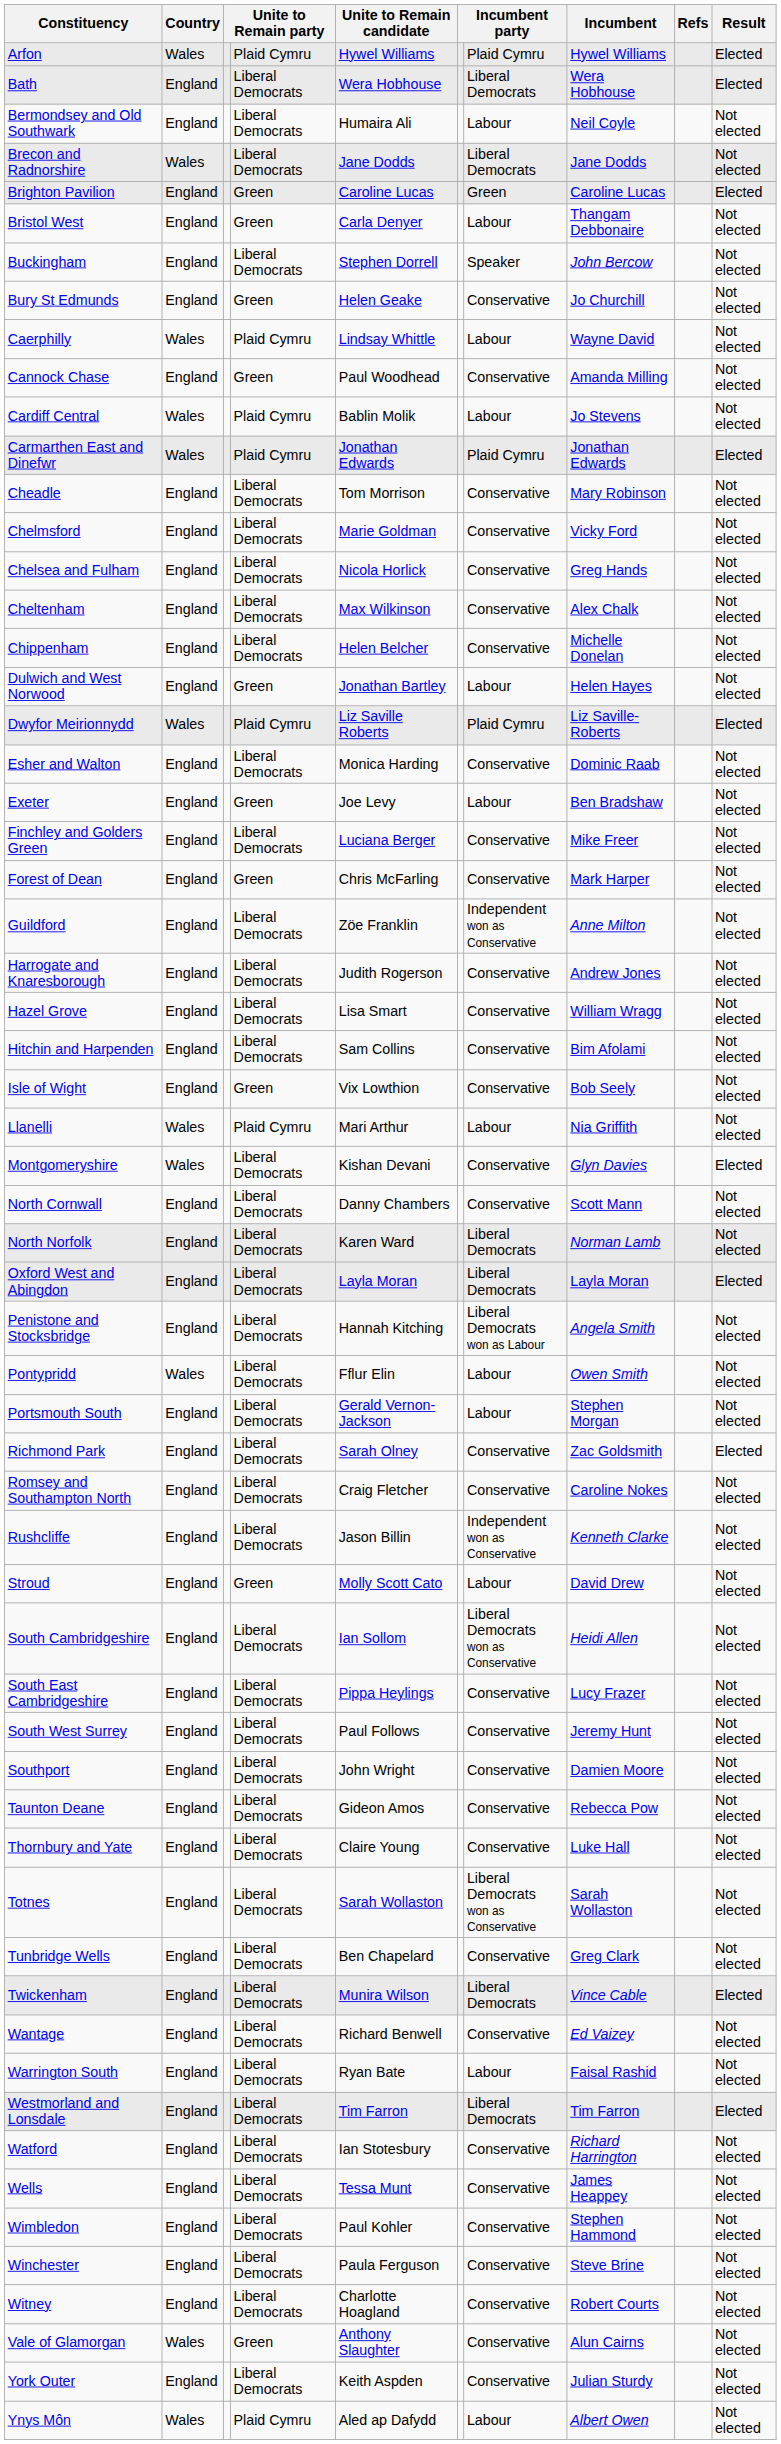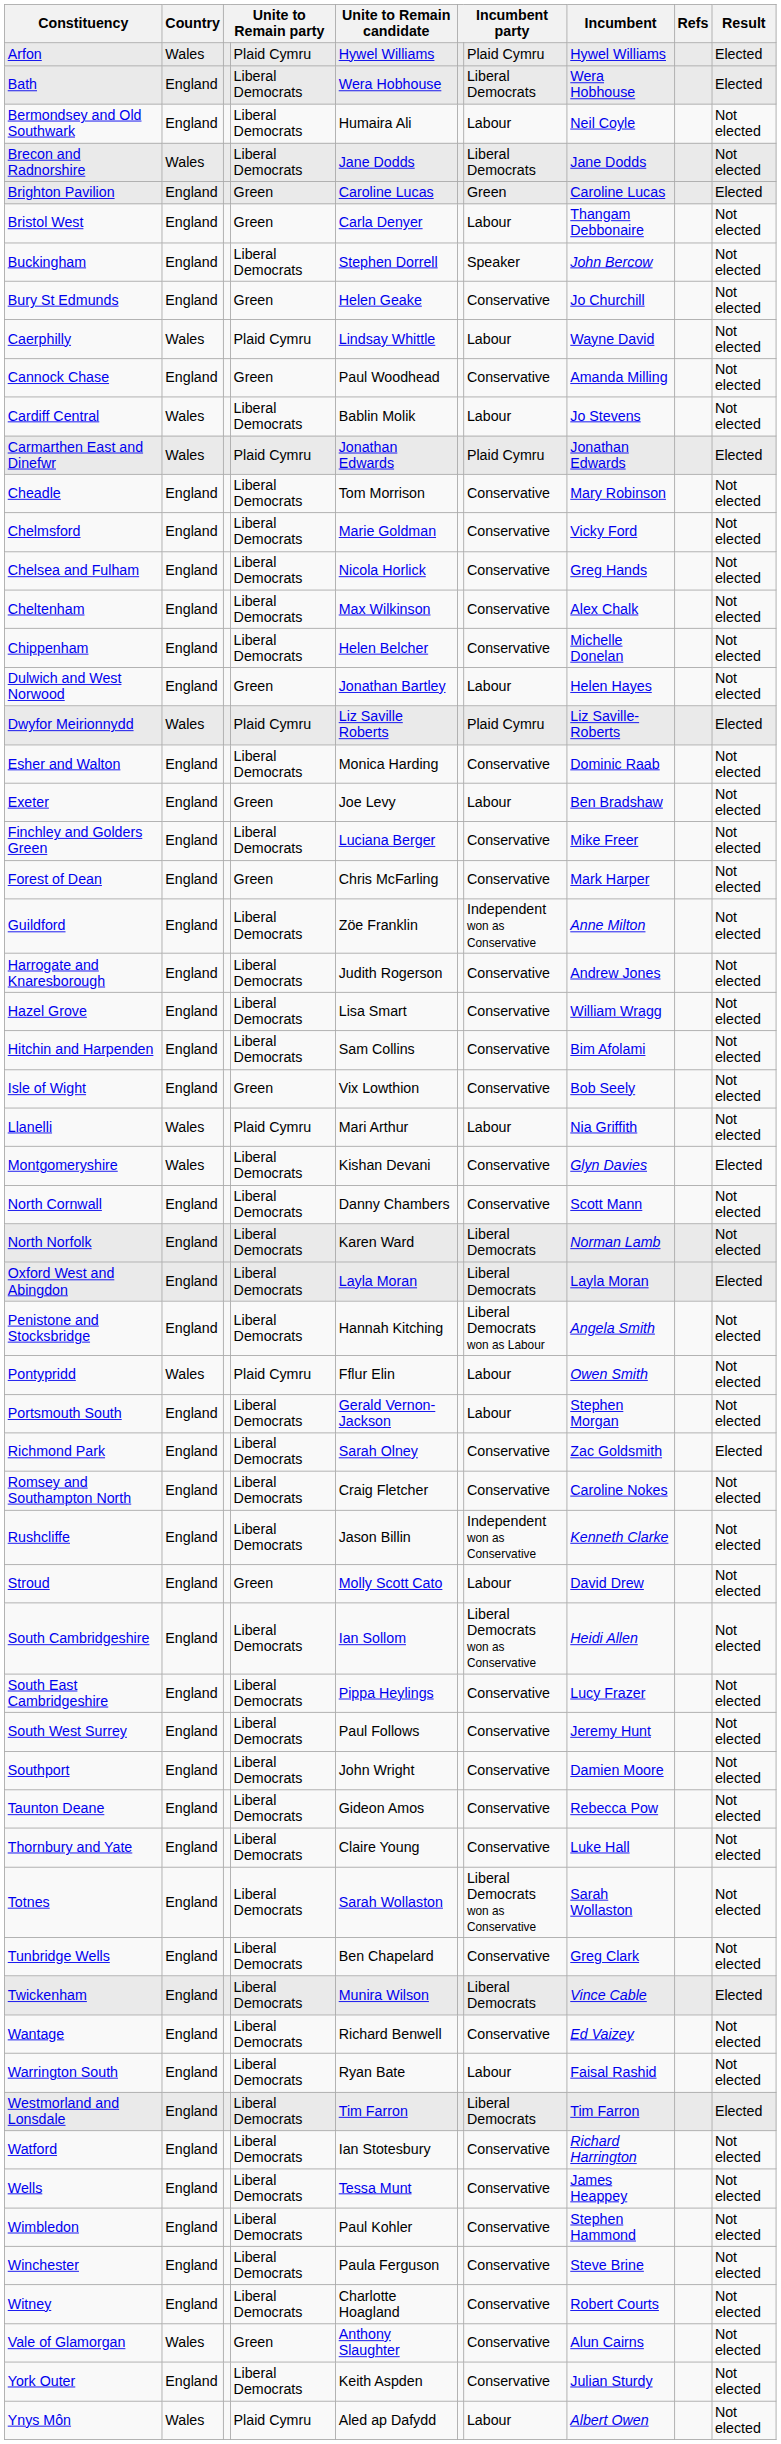 <table class="wikitable sortable">
 <tr>
 <th>Constituency</th>
 <th>Country</th>
 <th colspan="2">Unite to Remain party</th>
 <th>Unite to Remain candidate</th>
 <th colspan="2">Incumbent party</th>
 <th>Incumbent</th>
 <th>Refs</th>
 <th>Result</th>
 </tr>
 <tr style="background:#eaeaea;" |>
 <td><a href='#'>Arfon</a></td>
 <td>Wales</td>
 <td style="background-color: "></td>
 <td>Plaid Cymru</td>
 <td><a href='#'>Hywel Williams</a></td>
 <td style="background-color: "></td>
 <td>Plaid Cymru</td>
 <td><a href='#'>Hywel Williams</a></td>
 <td></td>
 <td>Elected</td>
 </tr>
 <tr style="background:#eaeaea;" |>
 <td><a href='#'>Bath</a></td>
 <td>England</td>
 <td style="background-color: "></td>
 <td>Liberal Democrats</td>
 <td><a href='#'>Wera Hobhouse</a></td>
 <td style="background-color: "></td>
 <td>Liberal Democrats</td>
 <td><a href='#'>Wera Hobhouse</a></td>
 <td></td>
 <td>Elected</td>
 </tr>
 <tr>
 <td><a href='#'>Bermondsey and Old Southwark</a></td>
 <td>England</td>
 <td style="background-color: "></td>
 <td>Liberal Democrats</td>
 <td>Humaira Ali</td>
 <td style="background-color: "></td>
 <td>Labour</td>
 <td><a href='#'>Neil Coyle</a></td>
 <td></td>
 <td>Not elected</td>
 </tr>
 <tr style="background:#eaeaea;" |>
 <td><a href='#'>Brecon and Radnorshire</a></td>
 <td>Wales</td>
 <td style="background-color: "></td>
 <td>Liberal Democrats</td>
 <td><a href='#'>Jane Dodds</a></td>
 <td style="background-color: "></td>
 <td>Liberal Democrats</td>
 <td><a href='#'>Jane Dodds</a></td>
 <td></td>
 <td>Not elected</td>
 </tr>
 <tr style="background:#eaeaea;" |>
 <td><a href='#'>Brighton Pavilion</a></td>
 <td>England</td>
 <td style="background-color: "></td>
 <td>Green</td>
 <td><a href='#'>Caroline Lucas</a></td>
 <td style="background-color: "></td>
 <td>Green</td>
 <td><a href='#'>Caroline Lucas</a></td>
 <td></td>
 <td>Elected</td>
 </tr>
 <tr>
 <td><a href='#'>Bristol West</a></td>
 <td>England</td>
 <td style="background-color: "></td>
 <td>Green</td>
 <td><a href='#'>Carla Denyer</a></td>
 <td style="background-color: "></td>
 <td>Labour</td>
 <td><a href='#'>Thangam Debbonaire</a></td>
 <td></td>
 <td>Not elected</td>
 </tr>
 <tr>
 <td><a href='#'>Buckingham</a></td>
 <td>England</td>
 <td style="background-color: "></td>
 <td>Liberal Democrats</td>
 <td><a href='#'>Stephen Dorrell</a></td>
 <td></td>
 <td>Speaker</td>
 <td><em><a href='#'>John Bercow</a></em></td>
 <td></td>
 <td>Not elected</td>
 </tr>
 <tr>
 <td><a href='#'>Bury St Edmunds</a></td>
 <td>England</td>
 <td style="background-color: "></td>
 <td>Green</td>
 <td><a href='#'>Helen Geake</a></td>
 <td style="background-color: "></td>
 <td>Conservative</td>
 <td><a href='#'>Jo Churchill</a></td>
 <td></td>
 <td>Not elected</td>
 </tr>
 <tr>
 <td><a href='#'>Caerphilly</a></td>
 <td>Wales</td>
 <td style="background-color: "></td>
 <td>Plaid Cymru</td>
 <td><a href='#'>Lindsay Whittle</a></td>
 <td style="background-color: "></td>
 <td>Labour</td>
 <td><a href='#'>Wayne David</a></td>
 <td></td>
 <td>Not elected</td>
 </tr>
 <tr>
 <td><a href='#'>Cannock Chase</a></td>
 <td>England</td>
 <td style="background-color: "></td>
 <td>Green</td>
 <td>Paul Woodhead</td>
 <td style="background-color: "></td>
 <td>Conservative</td>
 <td><a href='#'>Amanda Milling</a></td>
 <td></td>
 <td>Not elected</td>
 </tr>
 <tr>
 <td><a href='#'>Cardiff Central</a></td>
 <td>Wales</td>
 <td style="background-color: "></td>
-<td>Plaid Cymru</td>
+<td>Liberal Democrats</td>
 <td>Bablin Molik</td>
 <td style="background-color: "></td>
 <td>Labour</td>
 <td><a href='#'>Jo Stevens</a></td>
 <td></td>
 <td>Not elected</td>
 </tr>
 <tr style="background:#eaeaea;" |>
 <td><a href='#'>Carmarthen East and Dinefwr</a></td>
 <td>Wales</td>
 <td style="background-color: "></td>
 <td>Plaid Cymru</td>
 <td><a href='#'>Jonathan Edwards</a></td>
 <td style="background-color: "></td>
 <td>Plaid Cymru</td>
 <td><a href='#'>Jonathan Edwards</a></td>
 <td></td>
 <td>Elected</td>
 </tr>
 <tr>
 <td><a href='#'>Cheadle</a></td>
 <td>England</td>
 <td style="background-color: "></td>
 <td>Liberal Democrats</td>
 <td>Tom Morrison</td>
 <td style="background-color: "></td>
 <td>Conservative</td>
 <td><a href='#'>Mary Robinson</a></td>
 <td></td>
 <td>Not elected</td>
 </tr>
 <tr>
 <td><a href='#'>Chelmsford</a></td>
 <td>England</td>
 <td style="background-color: "></td>
 <td>Liberal Democrats</td>
 <td><a href='#'>Marie Goldman</a></td>
 <td style="background-color: "></td>
 <td>Conservative</td>
 <td><a href='#'>Vicky Ford</a></td>
 <td></td>
 <td>Not elected</td>
 </tr>
 <tr>
 <td><a href='#'>Chelsea and Fulham</a></td>
 <td>England</td>
 <td style="background-color: "></td>
 <td>Liberal Democrats</td>
 <td><a href='#'>Nicola Horlick</a></td>
 <td style="background-color: "></td>
 <td>Conservative</td>
 <td><a href='#'>Greg Hands</a></td>
 <td></td>
 <td>Not elected</td>
 </tr>
 <tr>
 <td><a href='#'>Cheltenham</a></td>
 <td>England</td>
 <td style="background-color: "></td>
 <td>Liberal Democrats</td>
 <td><a href='#'>Max Wilkinson</a></td>
 <td style="background-color: "></td>
 <td>Conservative</td>
 <td><a href='#'>Alex Chalk</a></td>
 <td></td>
 <td>Not elected</td>
 </tr>
 <tr>
 <td><a href='#'>Chippenham</a></td>
 <td>England</td>
 <td style="background-color: "></td>
 <td>Liberal Democrats</td>
 <td><a href='#'>Helen Belcher</a></td>
 <td style="background-color: "></td>
 <td>Conservative</td>
 <td><a href='#'>Michelle Donelan</a></td>
 <td></td>
 <td>Not elected</td>
 </tr>
 <tr>
 <td><a href='#'>Dulwich and West Norwood</a></td>
 <td>England</td>
 <td style="background-color: "></td>
 <td>Green</td>
 <td><a href='#'>Jonathan Bartley</a></td>
 <td style="background-color: "></td>
 <td>Labour</td>
 <td><a href='#'>Helen Hayes</a></td>
 <td></td>
 <td>Not elected</td>
 </tr>
 <tr style="background:#eaeaea;" |>
 <td><a href='#'>Dwyfor Meirionnydd</a></td>
 <td>Wales</td>
 <td style="background-color: "></td>
 <td>Plaid Cymru</td>
 <td><a href='#'>Liz Saville Roberts</a></td>
 <td style="background-color: "></td>
 <td>Plaid Cymru</td>
 <td><a href='#'>Liz Saville-Roberts</a></td>
 <td></td>
 <td>Elected</td>
 </tr>
 <tr>
 <td><a href='#'>Esher and Walton</a></td>
 <td>England</td>
 <td style="background-color: "></td>
 <td>Liberal Democrats</td>
 <td>Monica Harding</td>
 <td style="background-color: "></td>
 <td>Conservative</td>
 <td><a href='#'>Dominic Raab</a></td>
 <td></td>
 <td>Not elected</td>
 </tr>
 <tr>
 <td><a href='#'>Exeter</a></td>
 <td>England</td>
 <td style="background-color: "></td>
 <td>Green</td>
 <td>Joe Levy</td>
 <td style="background-color: "></td>
 <td>Labour</td>
 <td><a href='#'>Ben Bradshaw</a></td>
 <td></td>
 <td>Not elected</td>
 </tr>
 <tr>
 <td><a href='#'>Finchley and Golders Green</a></td>
 <td>England</td>
 <td style="background-color: "></td>
 <td>Liberal Democrats</td>
 <td><a href='#'>Luciana Berger</a></td>
 <td style="background-color: "></td>
 <td>Conservative</td>
 <td><a href='#'>Mike Freer</a></td>
 <td></td>
 <td>Not elected</td>
 </tr>
 <tr>
 <td><a href='#'>Forest of Dean</a></td>
 <td>England</td>
 <td style="background-color: "></td>
 <td>Green</td>
 <td>Chris McFarling</td>
 <td style="background-color: "></td>
 <td>Conservative</td>
 <td><a href='#'>Mark Harper</a></td>
 <td></td>
 <td>Not elected</td>
 </tr>
 <tr>
 <td><a href='#'>Guildford</a></td>
 <td>England</td>
 <td style="background-color: "></td>
 <td>Liberal Democrats</td>
 <td>Zöe Franklin</td>
 <td style="background-color: "></td>
 <td>Independent <br><small>won as Conservative</small></td>
 <td><em><a href='#'>Anne Milton</a></em></td>
 <td></td>
 <td>Not elected</td>
 </tr>
 <tr>
 <td><a href='#'>Harrogate and Knaresborough</a></td>
 <td>England</td>
 <td style="background-color: "></td>
 <td>Liberal Democrats</td>
 <td>Judith Rogerson</td>
 <td style="background-color: "></td>
 <td>Conservative</td>
 <td><a href='#'>Andrew Jones</a></td>
 <td></td>
 <td>Not elected</td>
 </tr>
 <tr>
 <td><a href='#'>Hazel Grove</a></td>
 <td>England</td>
 <td style="background-color: "></td>
 <td>Liberal Democrats</td>
 <td>Lisa Smart</td>
 <td style="background-color: "></td>
 <td>Conservative</td>
 <td><a href='#'>William Wragg</a></td>
 <td></td>
 <td>Not elected</td>
 </tr>
 <tr>
 <td><a href='#'>Hitchin and Harpenden</a></td>
 <td>England</td>
 <td style="background-color: "></td>
 <td>Liberal Democrats</td>
 <td>Sam Collins</td>
 <td style="background-color: "></td>
 <td>Conservative</td>
 <td><a href='#'>Bim Afolami</a></td>
 <td></td>
 <td>Not elected</td>
 </tr>
 <tr>
 <td><a href='#'>Isle of Wight</a></td>
 <td>England</td>
 <td style="background-color: "></td>
 <td>Green</td>
 <td>Vix Lowthion</td>
 <td style="background-color: "></td>
 <td>Conservative</td>
 <td><a href='#'>Bob Seely</a></td>
 <td></td>
 <td>Not elected</td>
 </tr>
 <tr>
 <td><a href='#'>Llanelli</a></td>
 <td>Wales</td>
 <td style="background-color: "></td>
 <td>Plaid Cymru</td>
 <td>Mari Arthur</td>
 <td style="background-color: "></td>
 <td>Labour</td>
 <td><a href='#'>Nia Griffith</a></td>
 <td></td>
 <td>Not elected</td>
 </tr>
 <tr>
 <td><a href='#'>Montgomeryshire</a></td>
 <td>Wales</td>
 <td style="background-color: "></td>
 <td>Liberal Democrats</td>
 <td>Kishan Devani</td>
 <td style="background-color: "></td>
 <td>Conservative</td>
 <td><a href='#'><em>Glyn Davies</em></a></td>
 <td></td>
 <td>Elected</td>
 </tr>
 <tr>
 <td><a href='#'>North Cornwall</a></td>
 <td>England</td>
 <td style="background-color: "></td>
 <td>Liberal Democrats</td>
 <td>Danny Chambers</td>
 <td style="background-color: "></td>
 <td>Conservative</td>
 <td><a href='#'>Scott Mann</a></td>
 <td></td>
 <td>Not elected</td>
 </tr>
 <tr style="background:#eaeaea;" |>
 <td><a href='#'>North Norfolk</a></td>
 <td>England</td>
 <td style="background-color: "></td>
 <td>Liberal Democrats</td>
 <td>Karen Ward</td>
 <td style="background-color: "></td>
 <td>Liberal Democrats</td>
 <td><em><a href='#'>Norman Lamb</a></em></td>
 <td></td>
 <td>Not elected</td>
 </tr>
 <tr style="background:#eaeaea;" |>
 <td><a href='#'>Oxford West and Abingdon</a></td>
 <td>England</td>
 <td style="background-color: "></td>
 <td>Liberal Democrats</td>
 <td><a href='#'>Layla Moran</a></td>
 <td style="background-color: "></td>
 <td>Liberal Democrats</td>
 <td><a href='#'>Layla Moran</a></td>
 <td></td>
 <td>Elected</td>
 </tr>
 <tr>
 <td><a href='#'>Penistone and Stocksbridge</a></td>
 <td>England</td>
 <td style="background-color: "></td>
 <td>Liberal Democrats</td>
 <td>Hannah Kitching</td>
 <td style="background-color: "></td>
 <td>Liberal Democrats<br><small>won as Labour</small></td>
 <td><a href='#'><em>Angela Smith</em></a></td>
 <td></td>
 <td>Not elected</td>
 </tr>
 <tr>
 <td><a href='#'>Pontypridd</a></td>
 <td>Wales</td>
 <td style="background-color: "></td>
-<td>Liberal Democrats</td>
+<td>Plaid Cymru</td>
 <td>Fflur Elin</td>
 <td style="background-color: "></td>
 <td>Labour</td>
 <td><em><a href='#'>Owen Smith</a></em></td>
 <td></td>
 <td>Not elected</td>
 </tr>
 <tr>
 <td><a href='#'>Portsmouth South</a></td>
 <td>England</td>
 <td style="background-color: "></td>
 <td>Liberal Democrats</td>
 <td><a href='#'>Gerald Vernon-Jackson</a></td>
 <td style="background-color: "></td>
 <td>Labour</td>
 <td><a href='#'>Stephen Morgan</a></td>
 <td></td>
 <td>Not elected</td>
 </tr>
 <tr>
 <td><a href='#'>Richmond Park</a></td>
 <td>England</td>
 <td style="background-color: "></td>
 <td>Liberal Democrats</td>
 <td><a href='#'>Sarah Olney</a></td>
 <td style="background-color: "></td>
 <td>Conservative</td>
 <td><a href='#'>Zac Goldsmith</a></td>
 <td></td>
 <td>Elected</td>
 </tr>
 <tr>
 <td><a href='#'>Romsey and Southampton North</a></td>
 <td>England</td>
 <td style="background-color: "></td>
 <td>Liberal Democrats</td>
 <td>Craig Fletcher</td>
 <td style="background-color: "></td>
 <td>Conservative</td>
 <td><a href='#'>Caroline Nokes</a></td>
 <td></td>
 <td>Not elected</td>
 </tr>
 <tr>
 <td><a href='#'>Rushcliffe</a></td>
 <td>England</td>
 <td style="background-color: "></td>
 <td>Liberal Democrats</td>
 <td>Jason Billin</td>
 <td style="background-color: "></td>
 <td>Independent<br><small>won as Conservative</small></td>
 <td><em><a href='#'>Kenneth Clarke</a></em></td>
 <td></td>
 <td>Not elected</td>
 </tr>
 <tr>
 <td><a href='#'>Stroud</a></td>
 <td>England</td>
 <td style="background-color: "></td>
 <td>Green</td>
 <td><a href='#'>Molly Scott Cato</a></td>
 <td style="background-color: "></td>
 <td>Labour</td>
 <td><a href='#'>David Drew</a></td>
 <td></td>
 <td>Not elected</td>
 </tr>
 <tr>
 <td><a href='#'>South Cambridgeshire</a></td>
 <td>England</td>
 <td style="background-color: "></td>
 <td>Liberal Democrats</td>
 <td><a href='#'>Ian Sollom</a></td>
 <td style="background-color: "></td>
 <td>Liberal Democrats<br><small>won as Conservative</small></td>
 <td><em><a href='#'>Heidi Allen</a></em></td>
 <td></td>
 <td>Not elected</td>
 </tr>
 <tr>
 <td><a href='#'>South East Cambridgeshire</a></td>
 <td>England</td>
 <td style="background-color: "></td>
 <td>Liberal Democrats</td>
 <td><a href='#'>Pippa Heylings</a></td>
 <td style="background-color: "></td>
 <td>Conservative</td>
 <td><a href='#'>Lucy Frazer</a></td>
 <td></td>
 <td>Not elected</td>
 </tr>
 <tr>
 <td><a href='#'>South West Surrey</a></td>
 <td>England</td>
 <td style="background-color: "></td>
 <td>Liberal Democrats</td>
 <td>Paul Follows</td>
 <td style="background-color: "></td>
 <td>Conservative</td>
 <td><a href='#'>Jeremy Hunt</a></td>
 <td></td>
 <td>Not elected</td>
 </tr>
 <tr>
 <td><a href='#'>Southport</a></td>
 <td>England</td>
 <td style="background-color: "></td>
 <td>Liberal Democrats</td>
 <td>John Wright</td>
 <td style="background-color: "></td>
 <td>Conservative</td>
 <td><a href='#'>Damien Moore</a></td>
 <td></td>
 <td>Not elected</td>
 </tr>
 <tr>
 <td><a href='#'>Taunton Deane</a></td>
 <td>England</td>
 <td style="background-color: "></td>
 <td>Liberal Democrats</td>
 <td>Gideon Amos</td>
 <td style="background-color: "></td>
 <td>Conservative</td>
 <td><a href='#'>Rebecca Pow</a></td>
 <td></td>
 <td>Not elected</td>
 </tr>
 <tr>
 <td><a href='#'>Thornbury and Yate</a></td>
 <td>England</td>
 <td style="background-color: "></td>
 <td>Liberal Democrats</td>
 <td>Claire Young</td>
 <td style="background-color: "></td>
 <td>Conservative</td>
 <td><a href='#'>Luke Hall</a></td>
 <td></td>
 <td>Not elected</td>
 </tr>
 <tr>
 <td><a href='#'>Totnes</a></td>
 <td>England</td>
 <td style="background-color: "></td>
 <td>Liberal Democrats</td>
 <td><a href='#'>Sarah Wollaston</a></td>
 <td style="background-color: "></td>
 <td>Liberal Democrats<br><small>won as Conservative</small></td>
 <td><a href='#'>Sarah Wollaston</a></td>
 <td></td>
 <td>Not elected</td>
 </tr>
 <tr>
 <td><a href='#'>Tunbridge Wells</a></td>
 <td>England</td>
 <td style="background-color: "></td>
 <td>Liberal Democrats</td>
 <td>Ben Chapelard</td>
 <td style="background-color: "></td>
 <td>Conservative</td>
 <td><a href='#'>Greg Clark</a></td>
 <td></td>
 <td>Not elected</td>
 </tr>
 <tr style="background:#eaeaea;" |>
 <td><a href='#'>Twickenham</a></td>
 <td>England</td>
 <td style="background-color: "></td>
 <td>Liberal Democrats</td>
 <td><a href='#'>Munira Wilson</a></td>
 <td style="background-color: "></td>
 <td>Liberal Democrats</td>
 <td><em><a href='#'>Vince Cable</a></em></td>
 <td></td>
 <td>Elected</td>
 </tr>
 <tr>
 <td><a href='#'>Wantage</a></td>
 <td>England</td>
 <td style="background-color: "></td>
 <td>Liberal Democrats</td>
 <td>Richard Benwell</td>
 <td style="background-color: "></td>
 <td>Conservative</td>
 <td><em><a href='#'>Ed Vaizey</a></em></td>
 <td></td>
 <td>Not elected</td>
 </tr>
 <tr>
 <td><a href='#'>Warrington South</a></td>
 <td>England</td>
 <td style="background-color: "></td>
 <td>Liberal Democrats</td>
 <td>Ryan Bate</td>
 <td style="background-color: "></td>
 <td>Labour</td>
 <td><a href='#'>Faisal Rashid</a></td>
 <td></td>
 <td>Not elected</td>
 </tr>
 <tr style="background:#eaeaea;" |>
 <td><a href='#'>Westmorland and Lonsdale</a></td>
 <td>England</td>
 <td style="background-color: "></td>
 <td>Liberal Democrats</td>
 <td><a href='#'>Tim Farron</a></td>
 <td style="background-color: "></td>
 <td>Liberal Democrats</td>
 <td><a href='#'>Tim Farron</a></td>
 <td></td>
 <td>Elected</td>
 </tr>
 <tr>
 <td><a href='#'>Watford</a></td>
 <td>England</td>
 <td style="background-color: "></td>
 <td>Liberal Democrats</td>
 <td>Ian Stotesbury</td>
 <td style="background-color: "></td>
 <td>Conservative</td>
 <td><a href='#'><em>Richard Harrington</em></a></td>
 <td></td>
 <td>Not elected</td>
 </tr>
 <tr>
 <td><a href='#'>Wells</a></td>
 <td>England</td>
 <td style="background-color: "></td>
 <td>Liberal Democrats</td>
 <td><a href='#'>Tessa Munt</a></td>
 <td style="background-color: "></td>
 <td>Conservative</td>
 <td><a href='#'>James Heappey</a></td>
 <td></td>
 <td>Not elected</td>
 </tr>
 <tr>
 <td><a href='#'>Wimbledon</a></td>
 <td>England</td>
 <td style="background-color: "></td>
 <td>Liberal Democrats</td>
 <td>Paul Kohler</td>
 <td style="background-color: "></td>
 <td>Conservative</td>
 <td><a href='#'>Stephen Hammond</a></td>
 <td></td>
 <td>Not elected</td>
 </tr>
 <tr>
 <td><a href='#'>Winchester</a></td>
 <td>England</td>
 <td style="background-color: "></td>
 <td>Liberal Democrats</td>
 <td>Paula Ferguson</td>
 <td style="background-color: "></td>
 <td>Conservative</td>
 <td><a href='#'>Steve Brine</a></td>
 <td></td>
 <td>Not elected</td>
 </tr>
 <tr>
 <td><a href='#'>Witney</a></td>
 <td>England</td>
 <td style="background-color: "></td>
 <td>Liberal Democrats</td>
 <td>Charlotte Hoagland</td>
 <td style="background-color: "></td>
 <td>Conservative</td>
 <td><a href='#'>Robert Courts</a></td>
 <td></td>
 <td>Not elected</td>
 </tr>
 <tr>
 <td><a href='#'>Vale of Glamorgan</a></td>
 <td>Wales</td>
 <td style="background-color: "></td>
 <td>Green</td>
 <td><a href='#'>Anthony Slaughter</a></td>
 <td style="background-color: "></td>
 <td>Conservative</td>
 <td><a href='#'>Alun Cairns</a></td>
 <td></td>
 <td>Not elected</td>
 </tr>
 <tr>
 <td><a href='#'>York Outer</a></td>
 <td>England</td>
 <td style="background-color: "></td>
 <td>Liberal Democrats</td>
 <td>Keith Aspden</td>
 <td style="background-color: "></td>
 <td>Conservative</td>
 <td><a href='#'>Julian Sturdy</a></td>
 <td></td>
 <td>Not elected</td>
 </tr>
 <tr>
 <td><a href='#'>Ynys Môn</a></td>
 <td>Wales</td>
 <td style="background-color: "></td>
 <td>Plaid Cymru</td>
 <td>Aled ap Dafydd</td>
 <td style="background-color: "></td>
 <td>Labour</td>
 <td><em><a href='#'>Albert Owen</a></em></td>
 <td></td>
 <td>Not elected</td>
 </tr>
 </table>
